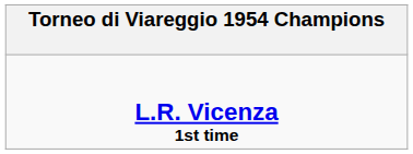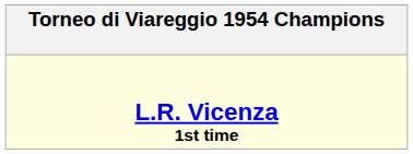 <table class="wikitable" style="margin: 0 auto; width: 30%;">
 <tr>
 <th><big>Torneo di Viareggio 1954 Champions</big><br><br></th>
 </tr>
 <tr>
-<td align=center><br><br><big><big><strong><a href='#'>L.R. Vicenza</a></strong><br></big></big><strong>1st time</strong></td>
+<td align=center style="background: lightyellow;"><br><br><big><big><strong><a href='#'>L.R. Vicenza</a></strong><br></big></big><strong>1st time</strong></td>
 </tr>
 </table>
